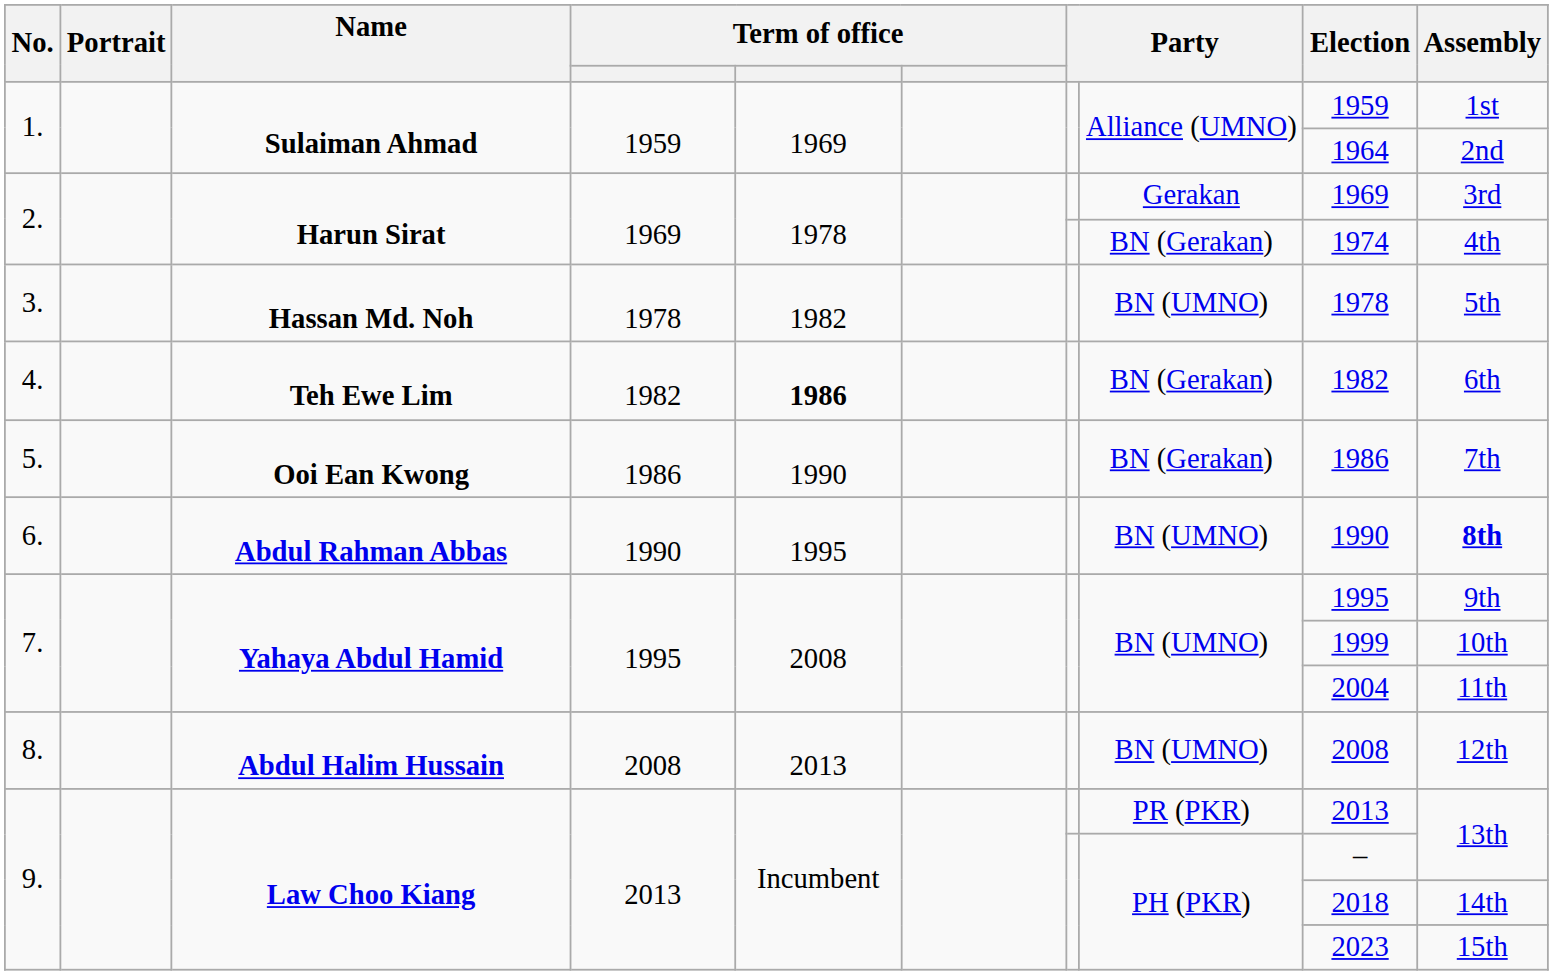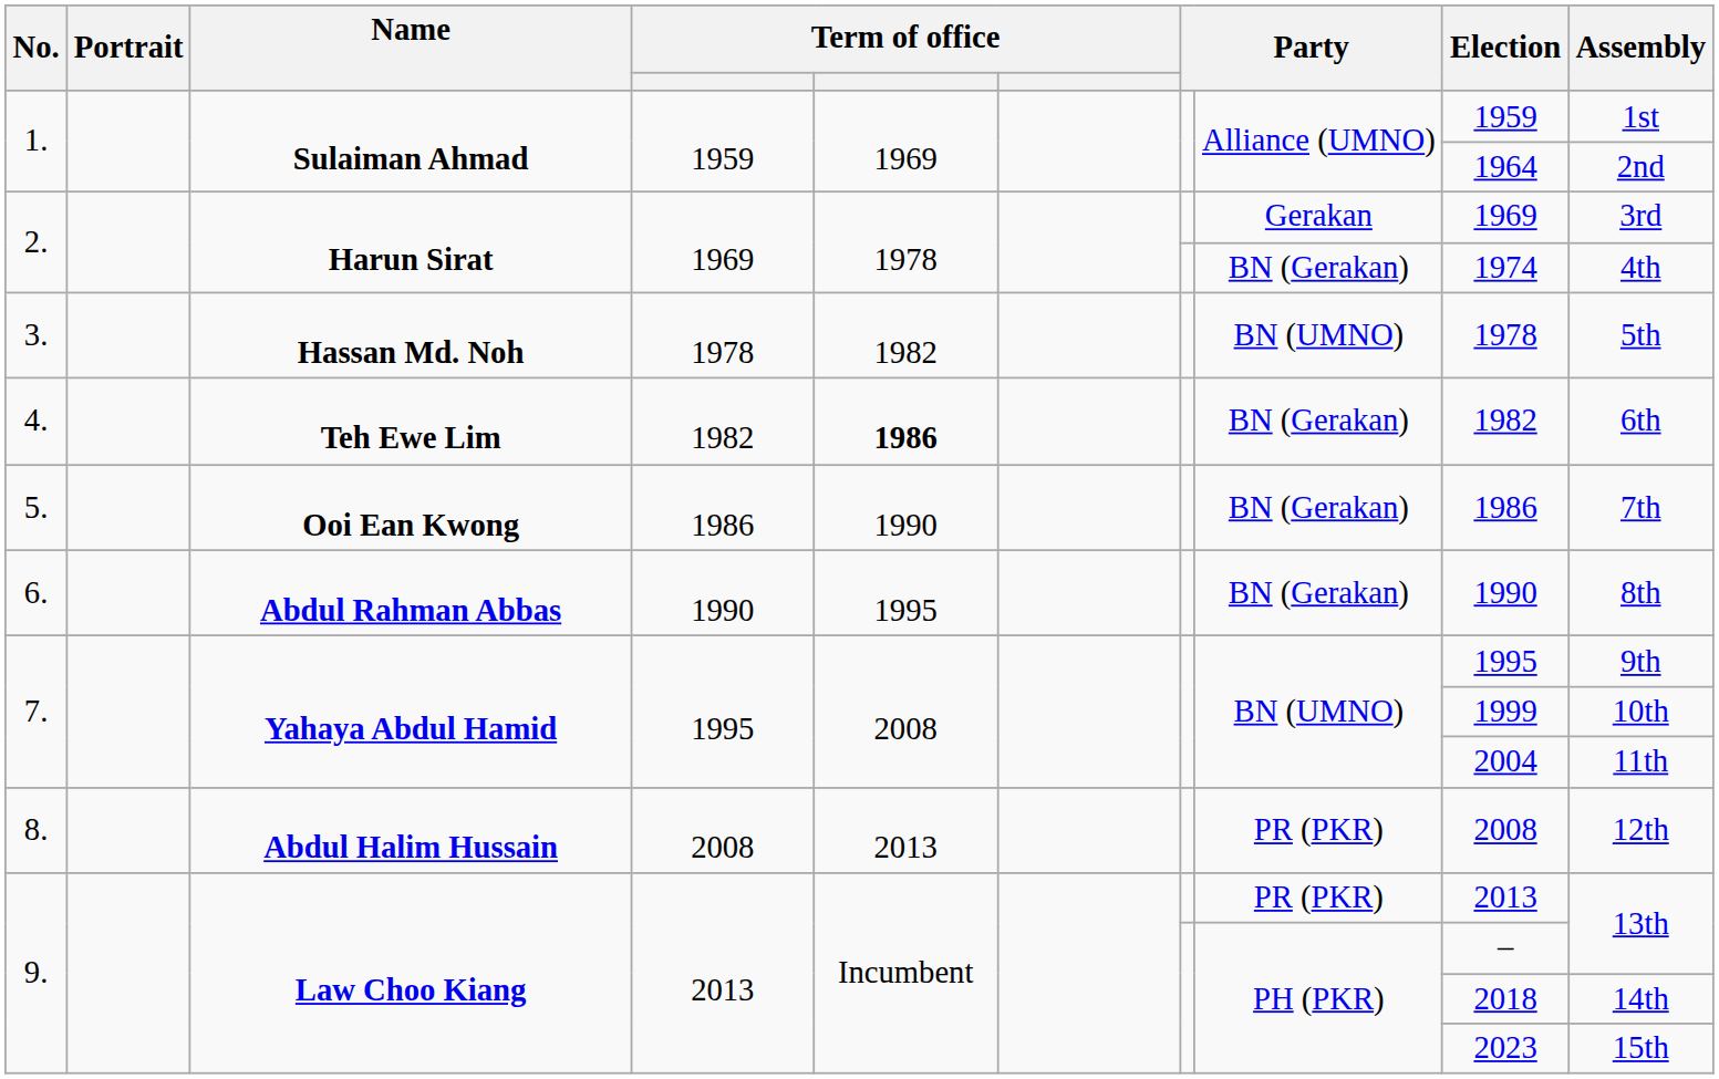 <table class="wikitable" style="text-align:center; border:1px #aaf solid;">
 <tr>
 <th rowspan="2">No.</th>
 <th rowspan="2">Portrait</th>
 <th rowspan="2" width="215">Name<br><br></th>
 <th colspan="3">Term of office</th>
 <th colspan="2" rowspan="2">Party</th>
 <th rowspan="2">Election</th>
 <th rowspan="2">Assembly</th>
 </tr>
 <tr>
 <th width="85"></th>
 <th width="85"></th>
 <th width="85"></th>
 </tr>
 <tr>
 <td rowspan=2>1.</td>
 <td rowspan=2></td>
 <td rowspan=2><br><strong>Sulaiman Ahmad</strong><br></td>
 <td rowspan=2><br>1959</td>
 <td rowspan=2><br>1969</td>
 <td rowspan=2></td>
 <td rowspan=2 style="background:"></td>
 <td rowspan=2><a href='#'>Alliance</a> (<a href='#'>UMNO</a>)</td>
 <td><a href='#'>1959</a></td>
 <td><a href='#'>1st</a></td>
 </tr>
 <tr>
 <td><a href='#'>1964</a></td>
 <td><a href='#'>2nd</a></td>
 </tr>
 <tr>
 <td rowspan=2>2.</td>
 <td rowspan=2></td>
 <td rowspan=2><br><strong>Harun Sirat</strong><br></td>
 <td rowspan=2><br>1969</td>
 <td rowspan=2><br>1978</td>
 <td rowspan=2></td>
 <td style="background:"></td>
 <td><a href='#'>Gerakan</a></td>
 <td><a href='#'>1969</a></td>
 <td><a href='#'>3rd</a></td>
 </tr>
 <tr>
 <td style="background:"></td>
 <td><a href='#'>BN</a> (<a href='#'>Gerakan</a>)</td>
 <td><a href='#'>1974</a></td>
 <td><a href='#'>4th</a></td>
 </tr>
 <tr>
 <td>3.</td>
 <td></td>
 <td><br><strong>Hassan Md. Noh</strong><br></td>
 <td><br>1978</td>
 <td><br>1982</td>
 <td></td>
 <td style="background:"></td>
 <td><a href='#'>BN</a> (<a href='#'>UMNO</a>)</td>
 <td><a href='#'>1978</a></td>
 <td><a href='#'>5th</a></td>
 </tr>
 <tr>
 <td>4.</td>
 <td></td>
 <td><br><strong>Teh Ewe Lim</strong><br></td>
 <td><br>1982</td>
 <td><strong><br>1986</strong></td>
 <td></td>
 <td style="background:"></td>
 <td><a href='#'>BN</a> (<a href='#'>Gerakan</a>)</td>
 <td><a href='#'>1982</a></td>
 <td><a href='#'>6th</a></td>
 </tr>
 <tr>
 <td>5.</td>
 <td></td>
 <td><br><strong>Ooi Ean Kwong</strong><br></td>
 <td><br>1986</td>
 <td><br>1990</td>
 <td></td>
 <td style="background:"></td>
 <td><a href='#'>BN</a> (<a href='#'>Gerakan</a>)</td>
 <td><a href='#'>1986</a></td>
 <td><a href='#'>7th</a></td>
 </tr>
 <tr>
 <td>6.</td>
 <td></td>
 <td><br><strong><a href='#'>Abdul Rahman Abbas</a></strong><br></td>
 <td><br>1990</td>
 <td><br>1995</td>
 <td></td>
 <td style="background:"></td>
-<td><a href='#'>BN</a> (<a href='#'>UMNO</a>)</td>
+<td><a href='#'>BN</a> (<a href='#'>Gerakan</a>)</td>
 <td><a href='#'>1990</a></td>
-<td><strong><a href='#'>8th</a></strong></td>
+<td><a href='#'>8th</a></td>
 </tr>
 <tr>
 <td rowspan=3>7.</td>
 <td rowspan=3></td>
 <td rowspan=3><br><strong><a href='#'>Yahaya Abdul Hamid</a></strong><br></td>
 <td rowspan=3><br>1995</td>
 <td rowspan=3><br>2008</td>
 <td rowspan=3></td>
 <td rowspan=3 style="background:"></td>
 <td rowspan=3><a href='#'>BN</a> (<a href='#'>UMNO</a>)</td>
 <td><a href='#'>1995</a></td>
 <td><a href='#'>9th</a></td>
 </tr>
 <tr>
 <td><a href='#'>1999</a></td>
 <td><a href='#'>10th</a></td>
 </tr>
 <tr>
 <td><a href='#'>2004</a></td>
 <td><a href='#'>11th</a></td>
 </tr>
 <tr>
 <td>8.</td>
 <td></td>
 <td><br><strong><a href='#'>Abdul Halim Hussain</a></strong><br></td>
 <td><br>2008</td>
 <td><br>2013</td>
 <td></td>
 <td style="background:"></td>
-<td><a href='#'>BN</a> (<a href='#'>UMNO</a>)</td>
+<td><a href='#'>PR</a> (<a href='#'>PKR</a>)</td>
 <td><a href='#'>2008</a></td>
 <td><a href='#'>12th</a></td>
 </tr>
 <tr>
 <td rowspan=4>9.</td>
 <td rowspan=4></td>
 <td rowspan=4><br><strong><a href='#'>Law Choo Kiang</a></strong><br></td>
 <td rowspan=4><br>2013</td>
 <td rowspan=4>Incumbent</td>
 <td rowspan=4></td>
 <td style="background:"></td>
 <td><a href='#'>PR</a> (<a href='#'>PKR</a>)</td>
 <td><a href='#'>2013</a></td>
 <td rowspan=2><a href='#'>13th</a></td>
 </tr>
 <tr>
 <td rowspan=3 style="background:"></td>
 <td rowspan=3><a href='#'>PH</a> (<a href='#'>PKR</a>)</td>
 <td>–</td>
 </tr>
 <tr>
 <td><a href='#'>2018</a></td>
 <td><a href='#'>14th</a></td>
 </tr>
 <tr>
 <td><a href='#'>2023</a></td>
 <td><a href='#'>15th</a></td>
 </tr>
 </table>
